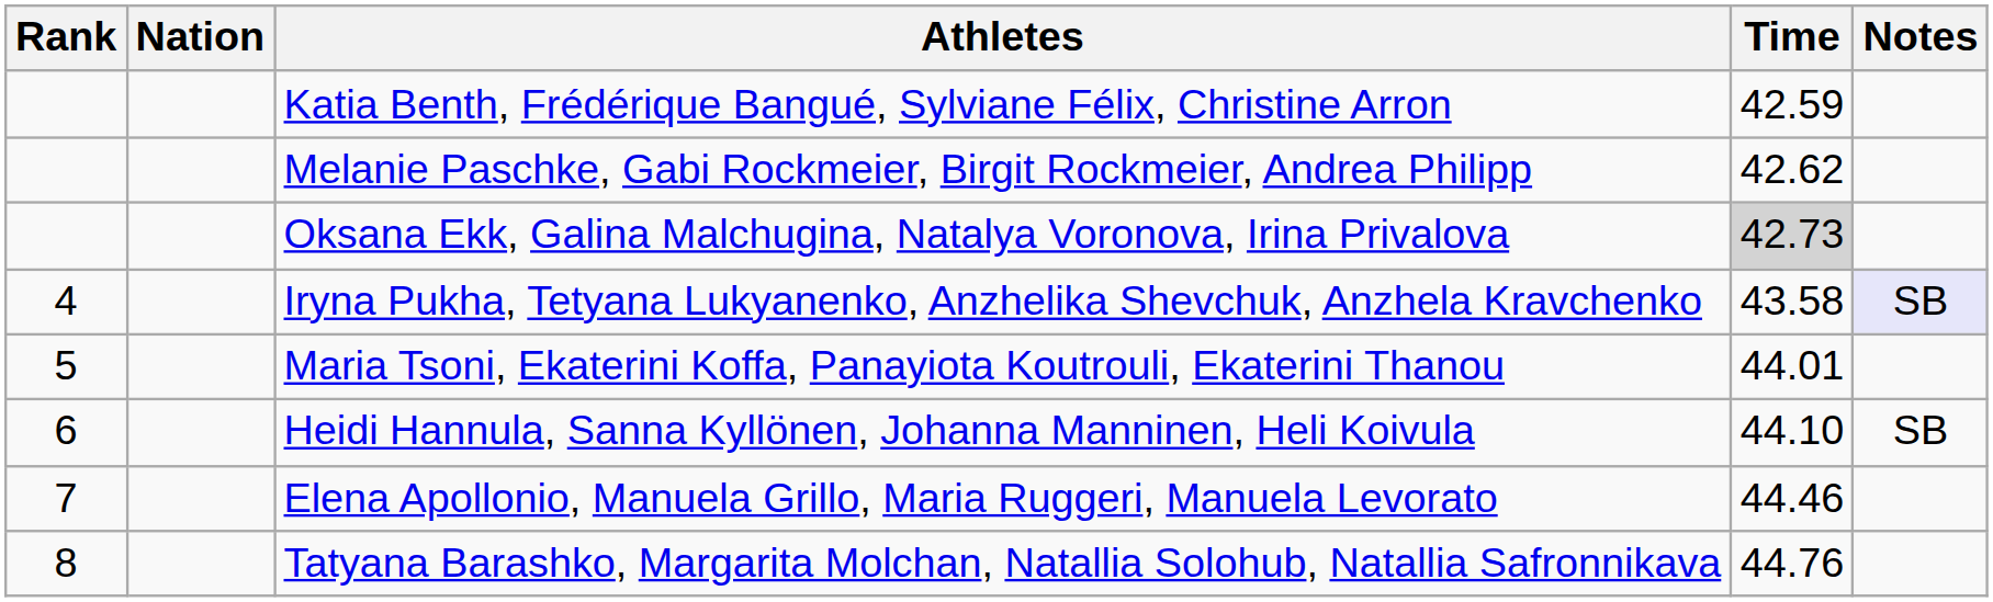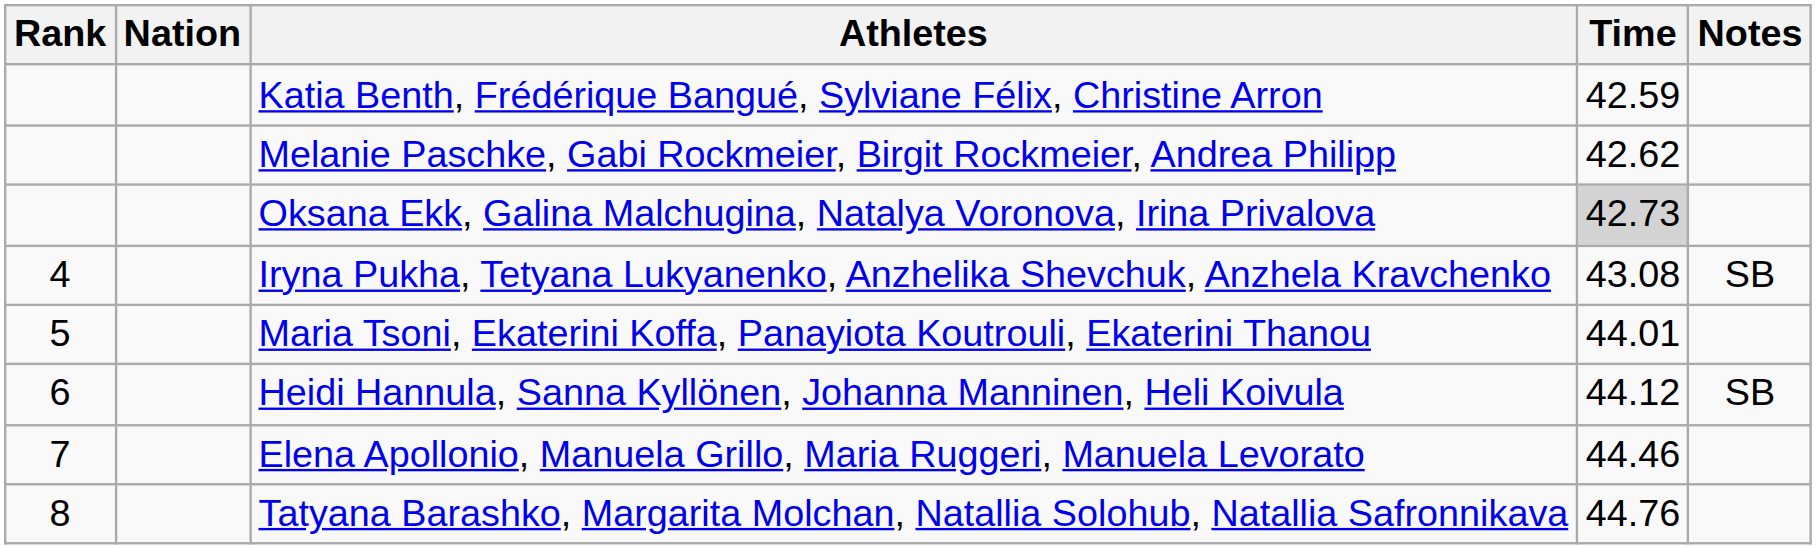 <table class="wikitable sortable" style="text-align:center">
 <tr>
 <th>Rank</th>
 <th>Nation</th>
 <th>Athletes</th>
 <th>Time</th>
 <th>Notes</th>
 </tr>
 <tr>
 <td></td>
 <td align=left></td>
 <td align=left><a href='#'>Katia Benth</a>, <a href='#'>Frédérique Bangué</a>, <a href='#'>Sylviane Félix</a>, <a href='#'>Christine Arron</a></td>
 <td>42.59</td>
 <td></td>
 </tr>
 <tr>
 <td></td>
 <td align=left></td>
 <td align=left><a href='#'>Melanie Paschke</a>, <a href='#'>Gabi Rockmeier</a>, <a href='#'>Birgit Rockmeier</a>, <a href='#'>Andrea Philipp</a></td>
 <td>42.62</td>
 <td></td>
 </tr>
 <tr>
 <td></td>
 <td align=left></td>
 <td align=left><a href='#'>Oksana Ekk</a>, <a href='#'>Galina Malchugina</a>, <a href='#'>Natalya Voronova</a>, <a href='#'>Irina Privalova</a></td>
 <td style="background: lightgrey;">42.73</td>
 <td></td>
 </tr>
 <tr>
 <td>4</td>
 <td align=left></td>
 <td align=left><a href='#'>Iryna Pukha</a>, <a href='#'>Tetyana Lukyanenko</a>, <a href='#'>Anzhelika Shevchuk</a>, <a href='#'>Anzhela Kravchenko</a></td>
-<td>43.58</td>
-<td style="background: lavender;">SB</td>
+<td>43.08</td>
+<td>SB</td>
 </tr>
 <tr>
 <td>5</td>
 <td align=left></td>
 <td align=left><a href='#'>Maria Tsoni</a>, <a href='#'>Ekaterini Koffa</a>, <a href='#'>Panayiota Koutrouli</a>, <a href='#'>Ekaterini Thanou</a></td>
 <td>44.01</td>
 <td></td>
 </tr>
 <tr>
 <td>6</td>
 <td align=left></td>
 <td align=left><a href='#'>Heidi Hannula</a>, <a href='#'>Sanna Kyllönen</a>, <a href='#'>Johanna Manninen</a>, <a href='#'>Heli Koivula</a></td>
-<td>44.10</td>
+<td>44.12</td>
 <td>SB</td>
 </tr>
 <tr>
 <td>7</td>
 <td align=left></td>
 <td align=left><a href='#'>Elena Apollonio</a>, <a href='#'>Manuela Grillo</a>, <a href='#'>Maria Ruggeri</a>, <a href='#'>Manuela Levorato</a></td>
 <td>44.46</td>
 <td></td>
 </tr>
 <tr>
 <td>8</td>
 <td align=left></td>
 <td align=left><a href='#'>Tatyana Barashko</a>, <a href='#'>Margarita Molchan</a>, <a href='#'>Natallia Solohub</a>, <a href='#'>Natallia Safronnikava</a></td>
 <td>44.76</td>
 <td></td>
 </tr>
 </table>
